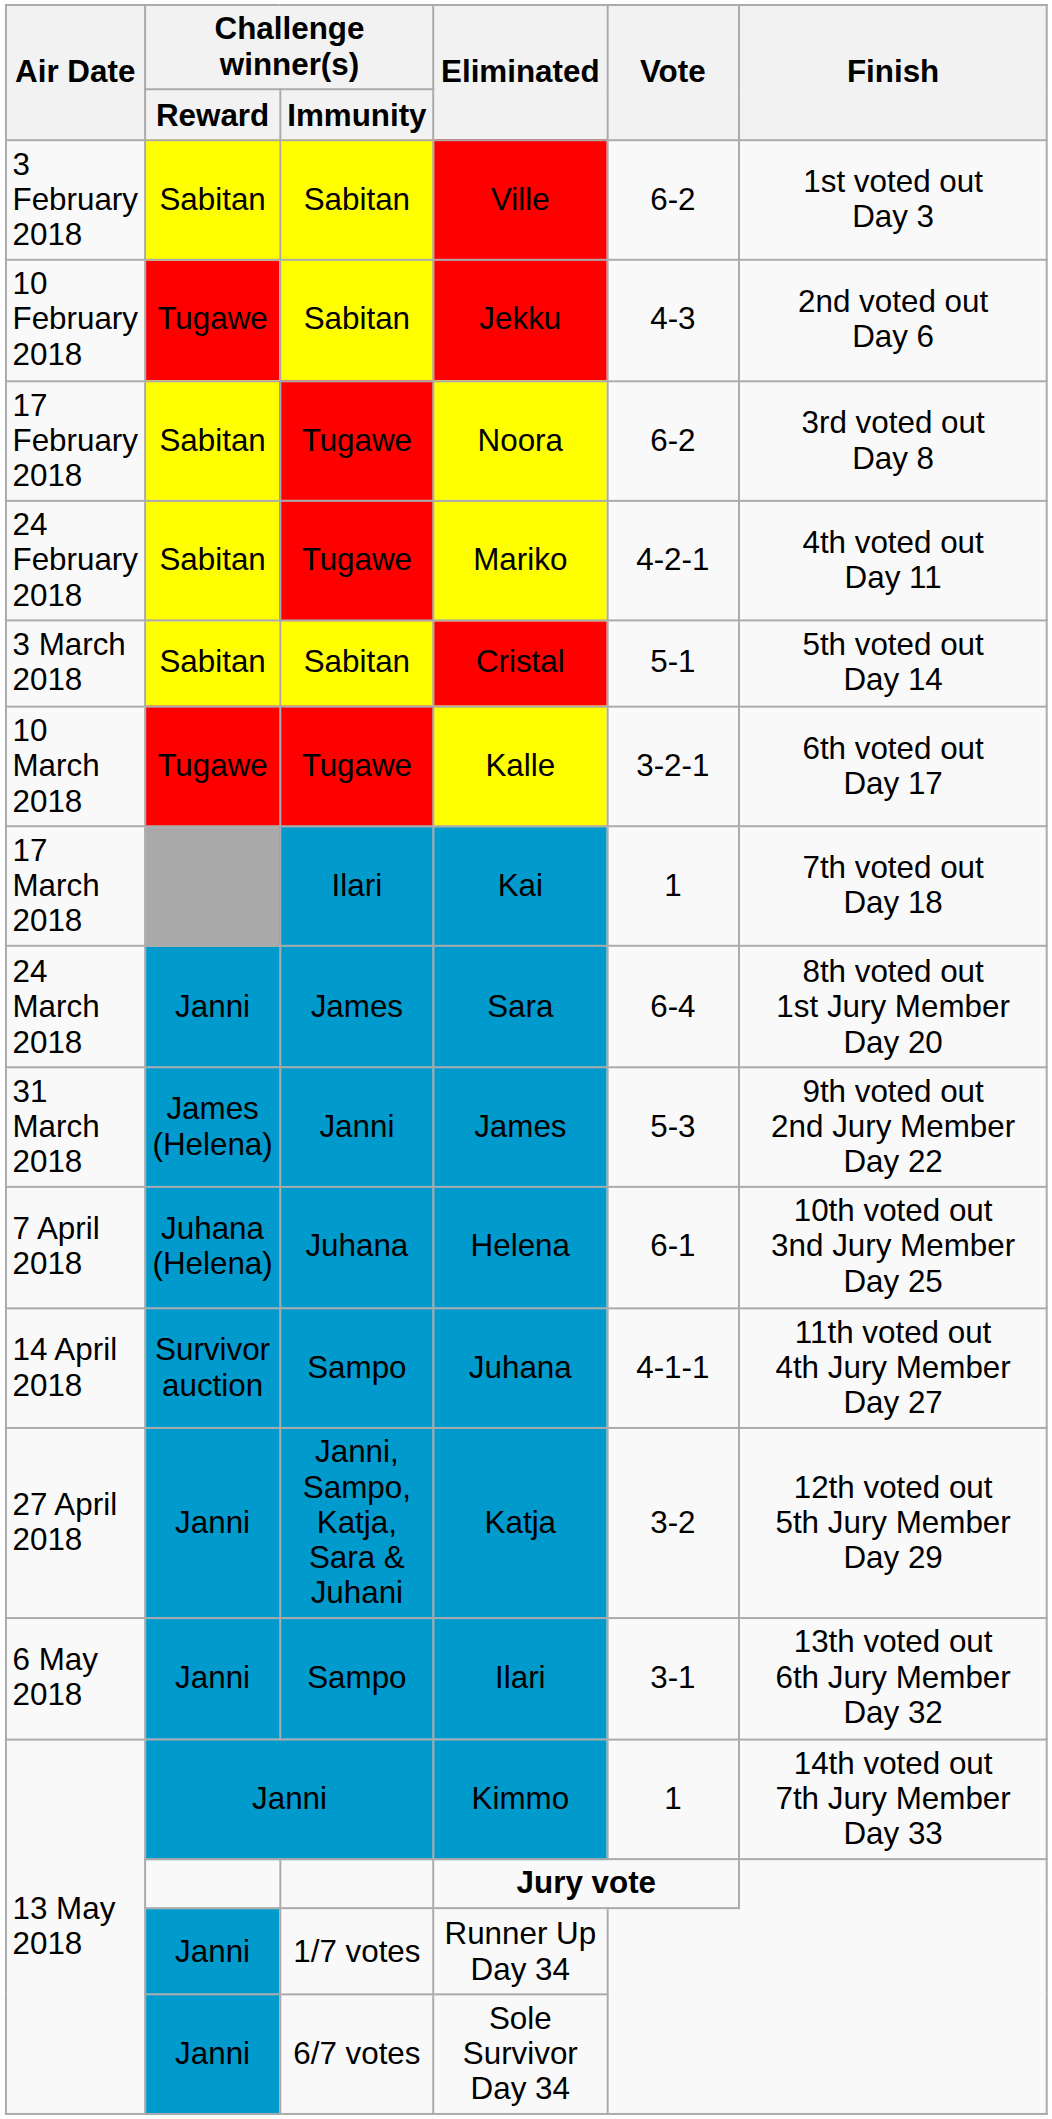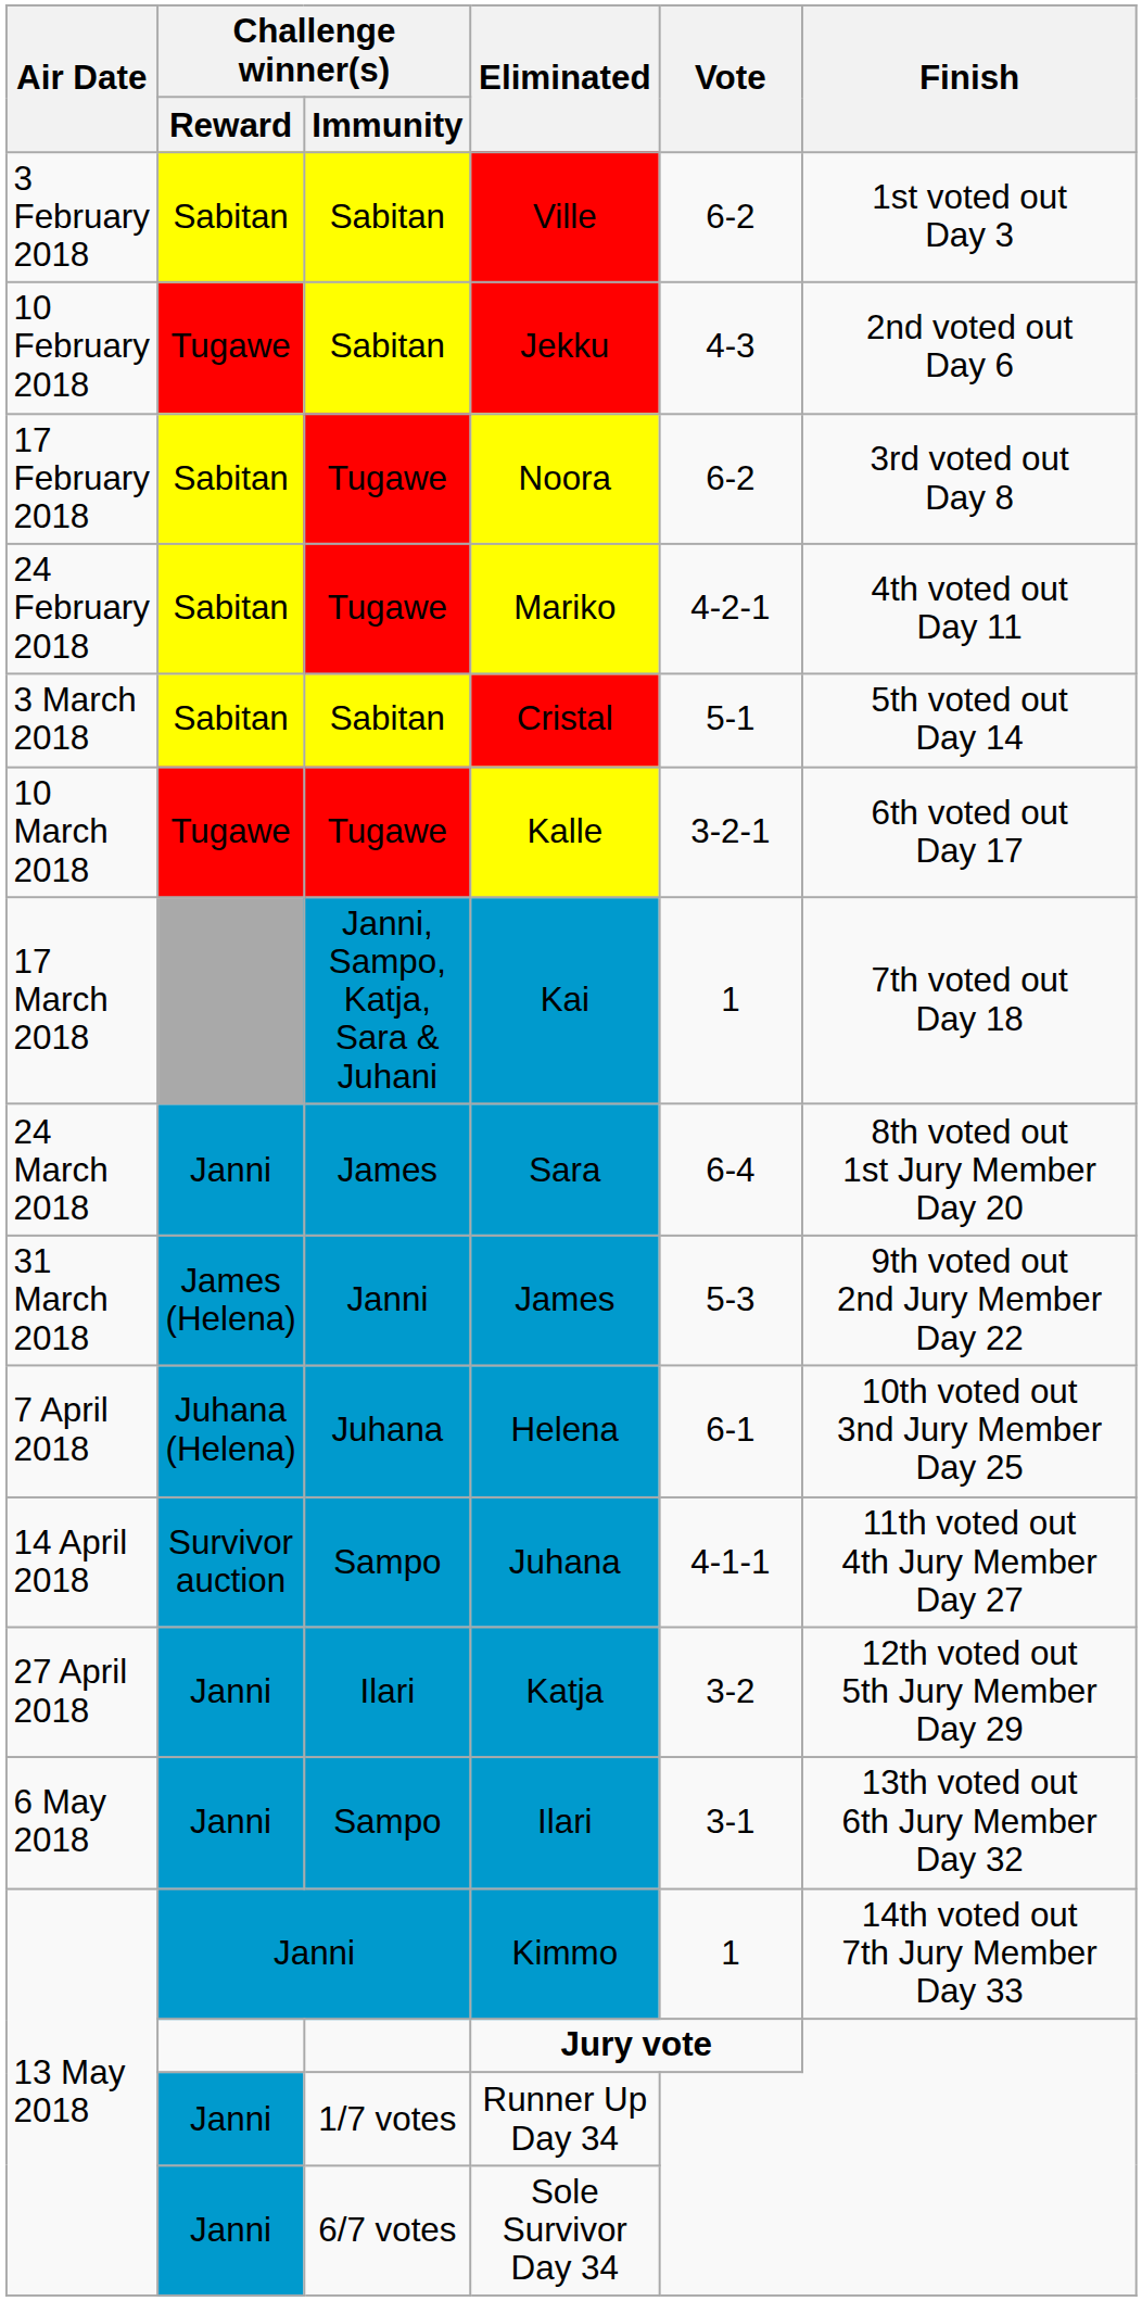 <table class="wikitable" style="margin:auto; text-align:center">
 <tr>
 <th rowspan=2 width="30">Air Date</th>
 <th colspan=2>Challenge winner(s)</th>
 <th rowspan=2 width="60">Eliminated</th>
 <th rowspan=2 width="60">Vote</th>
 <th rowspan=2 width="150">Finish</th>
 </tr>
 <tr>
 <th width="60">Reward</th>
 <th width="60">Immunity</th>
 </tr>
 <tr>
 <td align="left">3 February 2018</td>
 <td bgcolor="yellow">Sabitan</td>
 <td bgcolor="yellow">Sabitan</td>
 <td bgcolor="red">Ville</td>
 <td>6-2</td>
 <td>1st voted out<br>Day 3</td>
 </tr>
 <tr>
 <td align="left">10 February 2018</td>
 <td bgcolor="red">Tugawe</td>
 <td bgcolor="yellow">Sabitan</td>
 <td bgcolor="red">Jekku</td>
 <td>4-3</td>
 <td>2nd voted out<br>Day 6</td>
 </tr>
 <tr>
 <td align="left">17 February 2018</td>
 <td bgcolor="yellow">Sabitan</td>
 <td bgcolor="red">Tugawe</td>
 <td bgcolor="yellow">Noora</td>
 <td>6-2</td>
 <td>3rd voted out<br>Day 8</td>
 </tr>
 <tr>
 <td align="left">24 February 2018</td>
 <td bgcolor="yellow">Sabitan</td>
 <td bgcolor="red">Tugawe</td>
 <td bgcolor="yellow">Mariko</td>
 <td>4-2-1</td>
 <td>4th voted out<br>Day 11</td>
 </tr>
 <tr>
 <td align="left">3 March 2018</td>
 <td bgcolor="yellow">Sabitan</td>
 <td bgcolor="yellow">Sabitan</td>
 <td bgcolor="red">Cristal</td>
 <td>5-1</td>
 <td>5th voted out<br>Day 14</td>
 </tr>
 <tr>
 <td align="left">10 March 2018</td>
 <td bgcolor="red">Tugawe</td>
 <td bgcolor="red">Tugawe</td>
 <td bgcolor="yellow">Kalle</td>
 <td>3-2-1</td>
 <td>6th voted out<br>Day 17</td>
 </tr>
 <tr>
 <td align="left">17 March 2018</td>
 <td bgcolor="darkgrey"></td>
-<td bgcolor="009ACD">Ilari</td>
+<td bgcolor="009ACD">Janni, Sampo, Katja, Sara & Juhani</td>
 <td bgcolor="009ACD">Kai</td>
 <td>1</td>
 <td>7th voted out<br>Day 18</td>
 </tr>
 <tr>
 <td align="left">24 March 2018</td>
 <td bgcolor="009ACD">Janni</td>
 <td bgcolor="009ACD">James</td>
 <td bgcolor="009ACD">Sara</td>
 <td>6-4</td>
 <td>8th voted out<br>1st Jury Member<br>Day 20</td>
 </tr>
 <tr>
 <td align="left">31 March 2018</td>
 <td bgcolor="009ACD">James (Helena)</td>
 <td bgcolor="009ACD">Janni</td>
 <td bgcolor="009ACD">James</td>
 <td>5-3</td>
 <td>9th voted out<br>2nd Jury Member<br>Day 22</td>
 </tr>
 <tr>
 <td align="left">7 April 2018</td>
 <td bgcolor="009ACD">Juhana (Helena)</td>
 <td bgcolor="009ACD">Juhana</td>
 <td bgcolor="009ACD">Helena</td>
 <td>6-1</td>
 <td>10th voted out<br>3nd Jury Member<br>Day 25</td>
 </tr>
 <tr>
 <td align="left">14 April 2018</td>
 <td bgcolor="009ACD">Survivor auction</td>
 <td bgcolor="009ACD">Sampo</td>
 <td bgcolor="009ACD">Juhana</td>
 <td>4-1-1</td>
 <td>11th voted out<br>4th Jury Member<br>Day 27</td>
 </tr>
 <tr>
 <td align="left">27 April 2018</td>
 <td bgcolor="009ACD">Janni</td>
-<td bgcolor="009ACD">Janni, Sampo, Katja, Sara & Juhani</td>
+<td bgcolor="009ACD">Ilari</td>
 <td bgcolor="009ACD">Katja</td>
 <td>3-2</td>
 <td>12th voted out<br>5th Jury Member<br>Day 29</td>
 </tr>
 <tr>
 <td align="left">6 May 2018</td>
 <td bgcolor="009ACD">Janni</td>
 <td bgcolor="009ACD">Sampo</td>
 <td bgcolor="009ACD">Ilari</td>
 <td>3-1</td>
 <td>13th voted out<br>6th Jury Member<br>Day 32</td>
 </tr>
 <tr>
 <td rowspan="4" align="left">13 May 2018</td>
 <td colspan="2" rowspan="1" bgcolor="009ACD">Janni</td>
 <td rowspan="1" bgcolor="009ACD">Kimmo</td>
 <td rowspan="1">1</td>
 <td rowspan="1">14th voted out<br>7th Jury Member<br>Day 33</td>
 </tr>
 <tr>
 <td></td>
 <td></td>
 <td colspan=2><strong>Jury vote</strong></td>
 </tr>
 <tr>
 <td bgcolor="009ACD">Janni</td>
 <td>1/7 votes</td>
 <td>Runner Up<br>Day 34</td>
 </tr>
 <tr>
 <td bgcolor="009ACD">Janni</td>
 <td>6/7 votes</td>
 <td>Sole Survivor<br>Day 34</td>
 </tr>
 </table>
